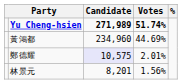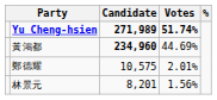 <table class="wikitable">
 <tr>
 <th colspan="2">Party</th>
 <th>Candidate</th>
 <th>Votes</th>
 <th>%</th>
 </tr>
 <tr>
 <td></td>
 <td><strong><a href='#'>Yu Cheng-hsien</a></strong></td>
 <td align="right"><strong>271,989</strong></td>
 <td align="right"><strong>51.74%</strong></td>
 </tr>
 <tr>
 <td></td>
 <td>黃鴻都</td>
-<td align="right">234,960</td>
+<td align="right"><strong>234,960</strong></td>
 <td align="right">44.69%</td>
 </tr>
 <tr>
 <td></td>
 <td>鄭德耀</td>
-<td align="right" style="background: lavender;">10,575</td>
+<td align="right">10,575</td>
 <td align="right">2.01%</td>
 </tr>
 <tr>
 <td></td>
 <td>林景元</td>
 <td align="right">8,201</td>
 <td align="right">1.56%</td>
 </tr>
 </table>
